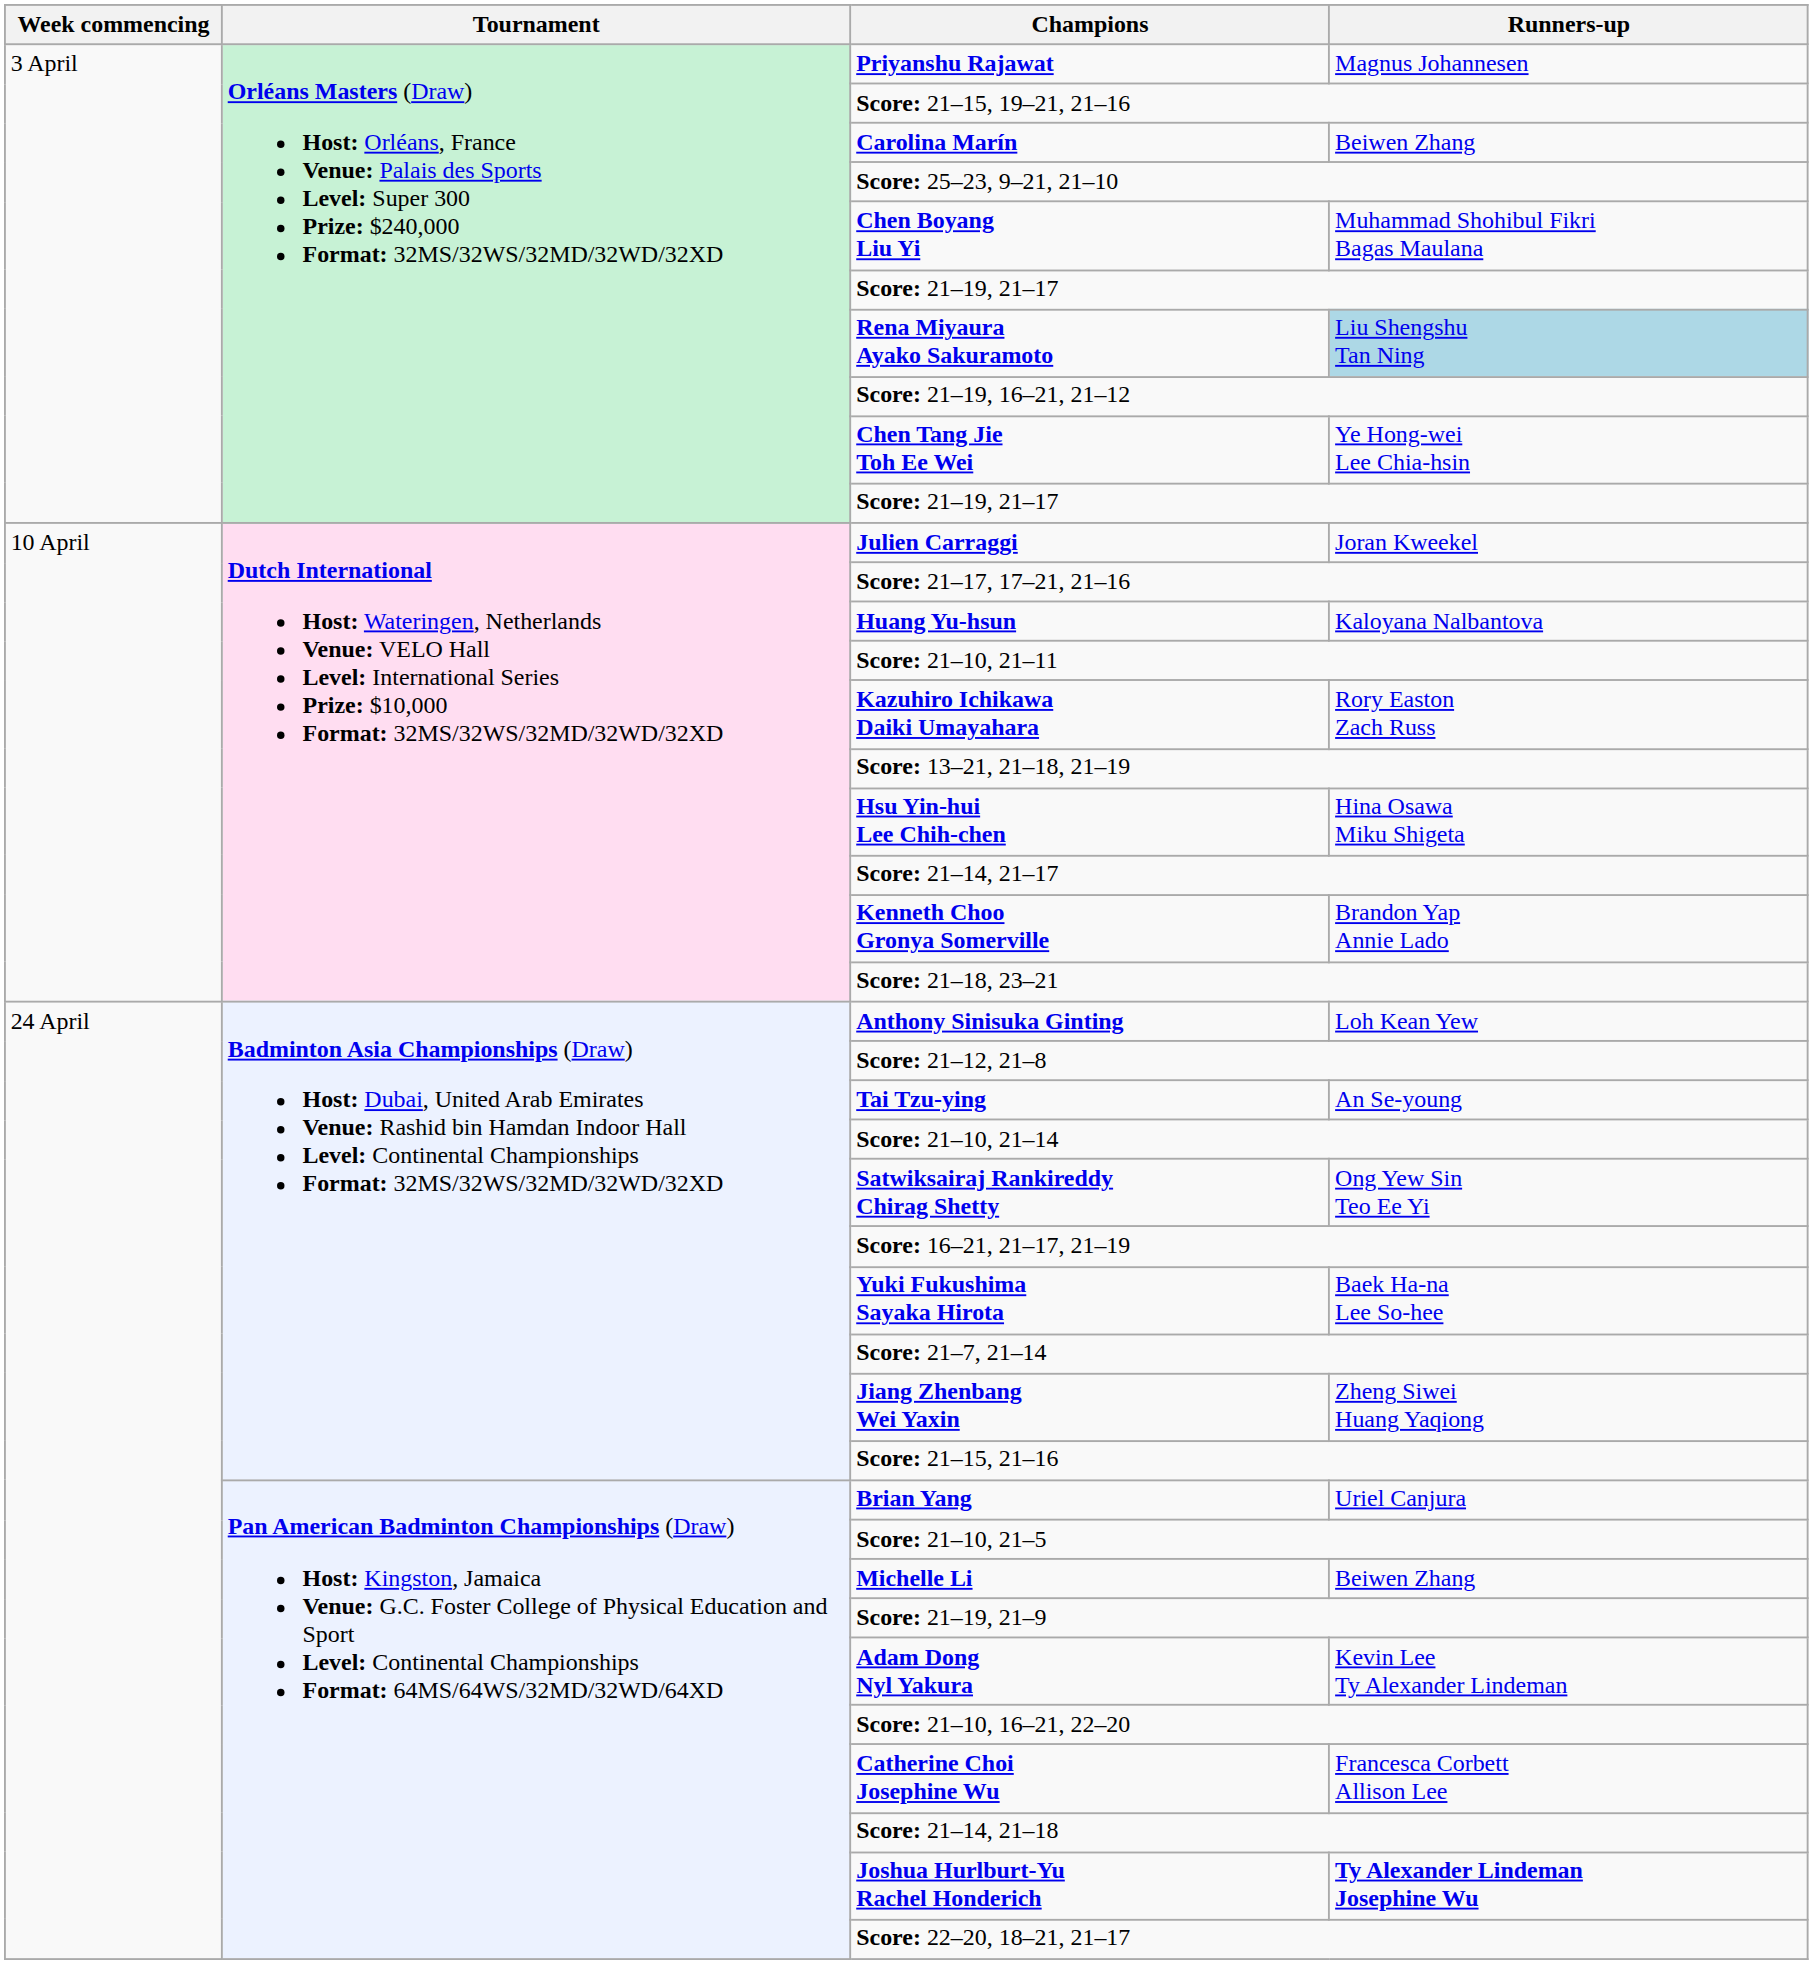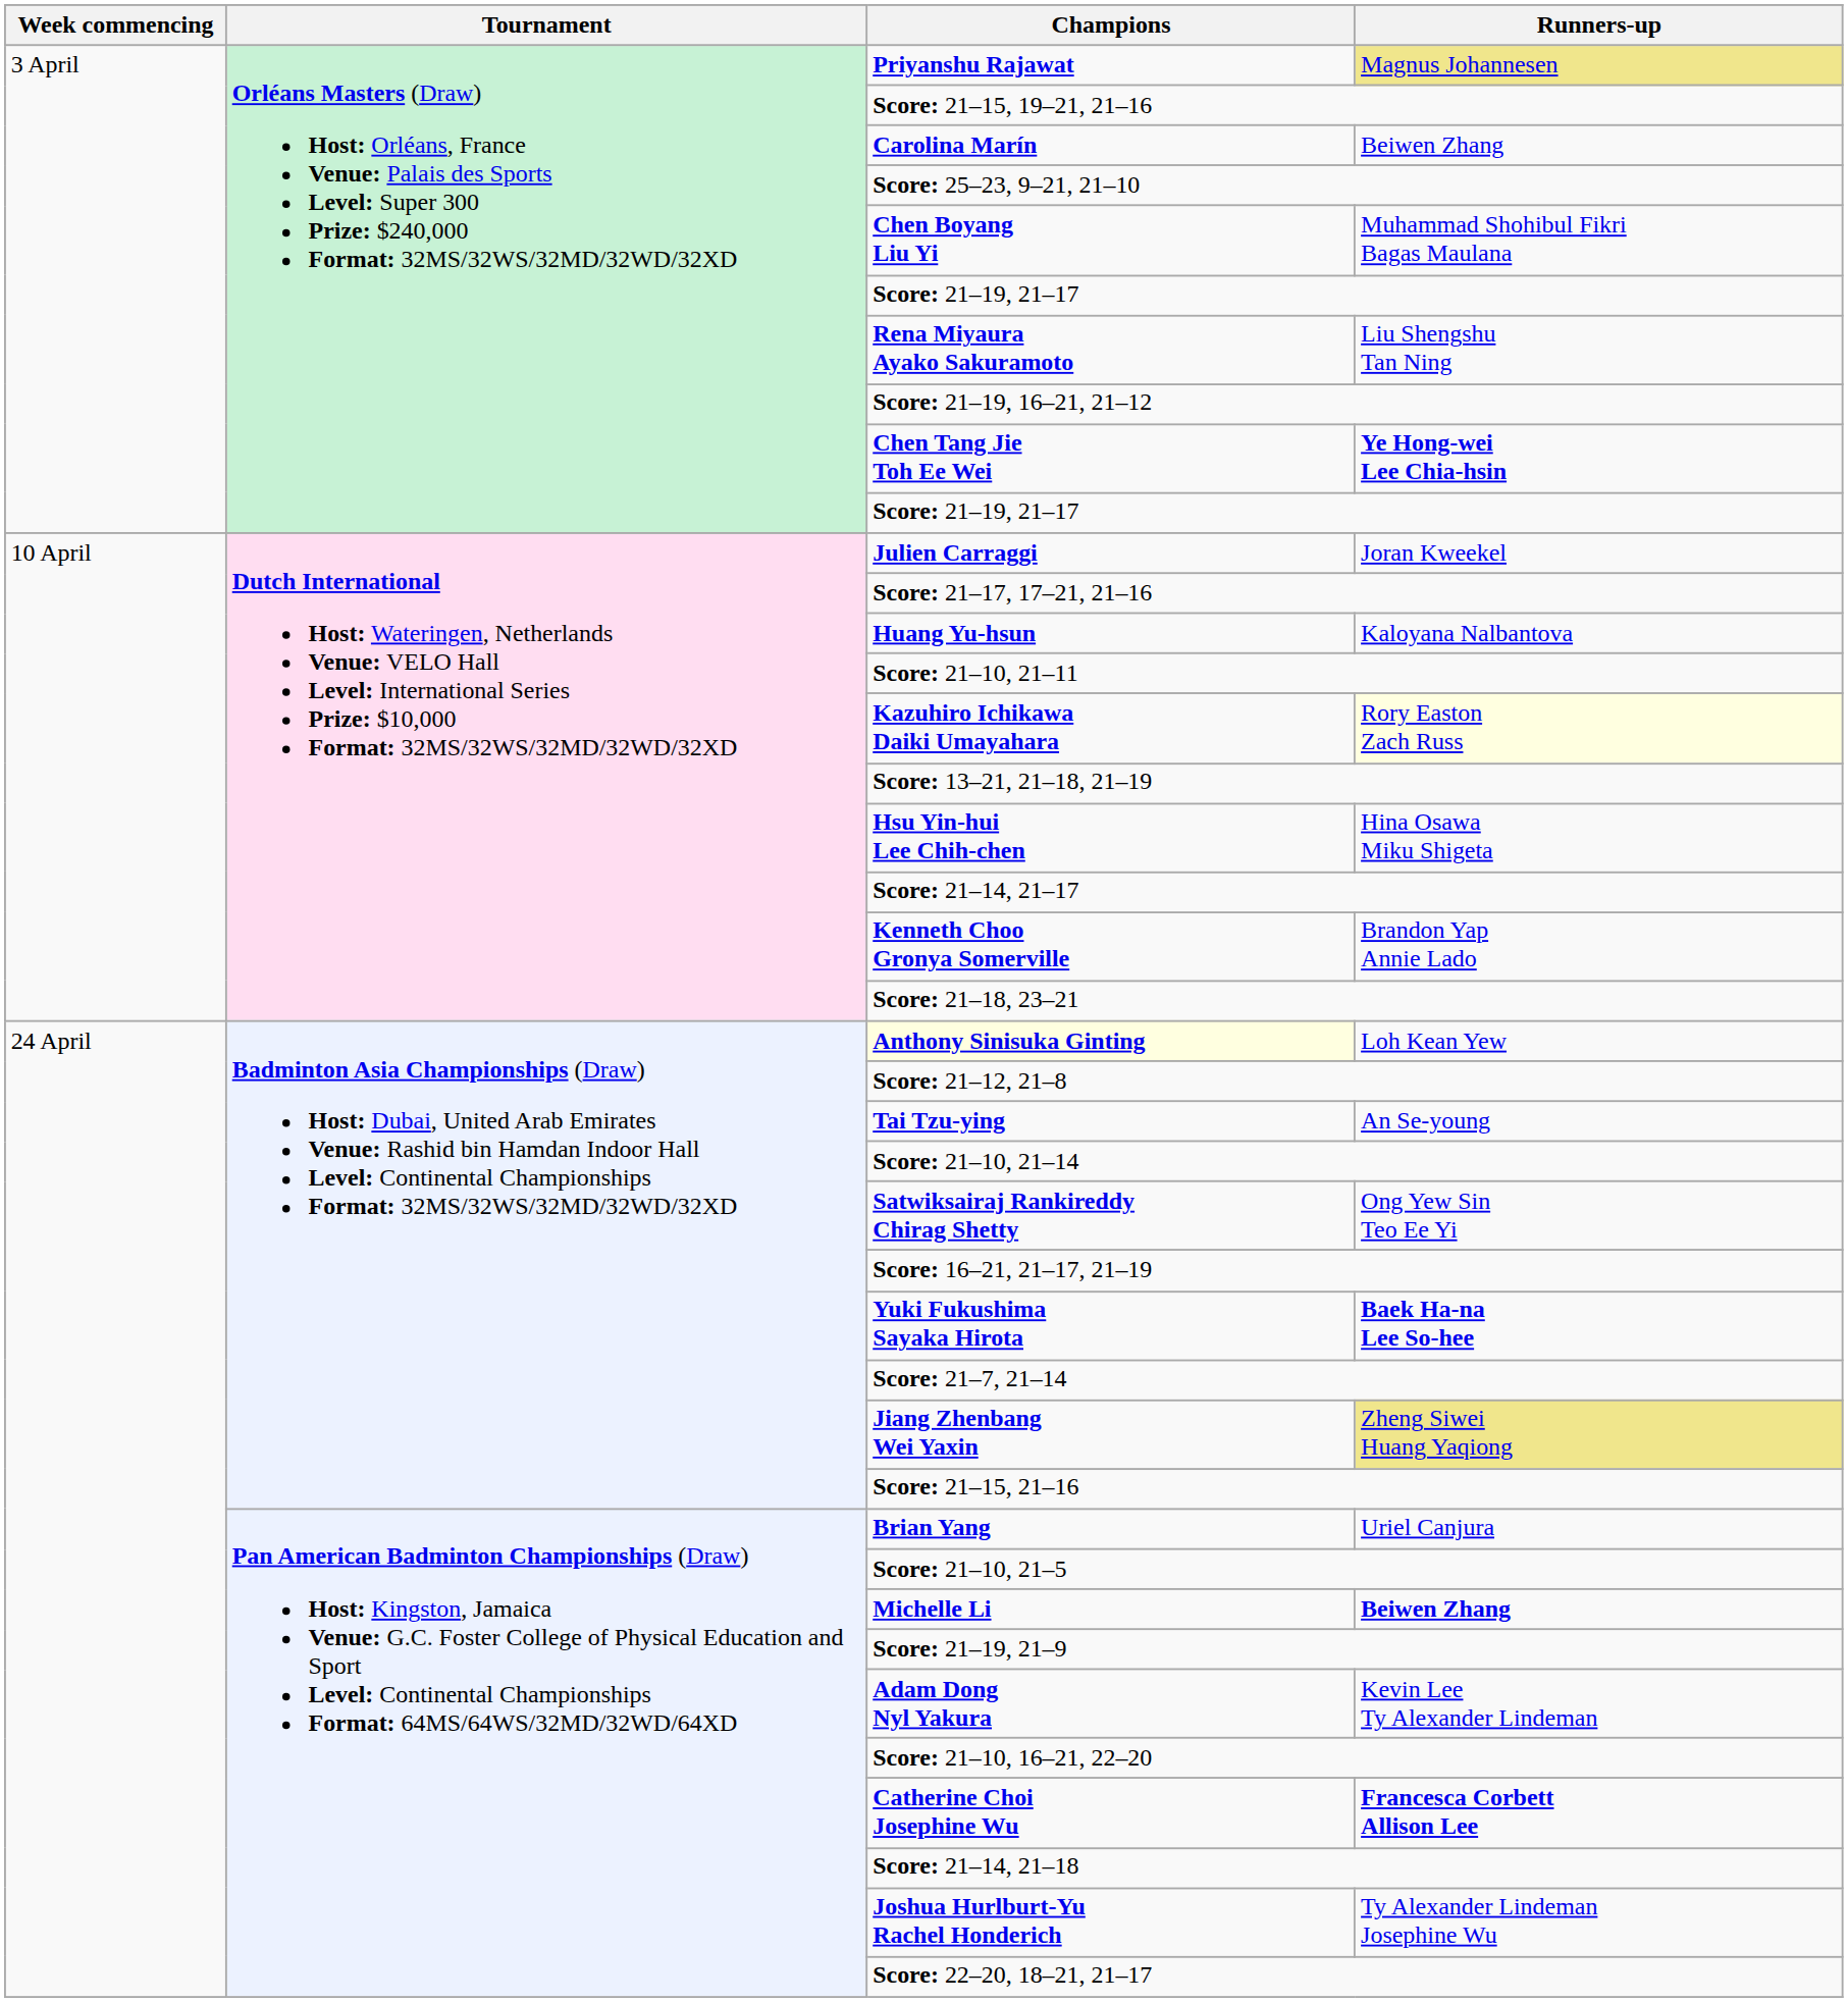 <table class="wikitable" style="font-size:80%">
 <tr>
 <th width="110">Week commencing</th>
 <th width="330">Tournament</th>
 <th width="250">Champions</th>
 <th width="250">Runners-up</th>
 </tr>
 <tr valign=top>
 <td rowspan="10">3 April</td>
 <td bgcolor="#C7F2D5" rowspan="10"><br><strong><a href='#'>Orléans Masters</a></strong> (<a href='#'>Draw</a>)<ul><li><strong>Host:</strong> <a href='#'>Orléans</a>, France</li><li><strong>Venue:</strong> <a href='#'>Palais des Sports</a></li><li><strong>Level:</strong> Super 300</li><li><strong>Prize:</strong> $240,000</li><li><strong>Format:</strong> 32MS/32WS/32MD/32WD/32XD</li></ul></td>
 <td><strong> <a href='#'>Priyanshu Rajawat</a></strong></td>
-<td> <a href='#'>Magnus Johannesen</a></td>
+<td style="background: khaki;"> <a href='#'>Magnus Johannesen</a></td>
 </tr>
 <tr>
 <td colspan="2"><strong>Score:</strong> 21–15, 19–21, 21–16</td>
 </tr>
 <tr valign="top">
 <td><strong> <a href='#'>Carolina Marín</a></strong></td>
 <td> <a href='#'>Beiwen Zhang</a></td>
 </tr>
 <tr>
 <td colspan="2"><strong>Score:</strong> 25–23, 9–21, 21–10</td>
 </tr>
 <tr valign="top">
 <td><strong> <a href='#'>Chen Boyang</a><br> <a href='#'>Liu Yi</a></strong></td>
 <td> <a href='#'>Muhammad Shohibul Fikri</a><br> <a href='#'>Bagas Maulana</a></td>
 </tr>
 <tr>
 <td colspan="2"><strong>Score:</strong> 21–19, 21–17</td>
 </tr>
 <tr valign="top">
 <td><strong> <a href='#'>Rena Miyaura</a><br> <a href='#'>Ayako Sakuramoto</a></strong></td>
-<td style="background: lightblue;"> <a href='#'>Liu Shengshu</a><br> <a href='#'>Tan Ning</a></td>
+<td> <a href='#'>Liu Shengshu</a><br> <a href='#'>Tan Ning</a></td>
 </tr>
 <tr>
 <td colspan="2"><strong>Score:</strong> 21–19, 16–21, 21–12</td>
 </tr>
 <tr valign="top">
 <td><strong> <a href='#'>Chen Tang Jie</a><br> <a href='#'>Toh Ee Wei</a></strong></td>
-<td> <a href='#'>Ye Hong-wei</a><br> <a href='#'>Lee Chia-hsin</a></td>
+<td><strong> <a href='#'>Ye Hong-wei</a><br> <a href='#'>Lee Chia-hsin</a></strong></td>
 </tr>
 <tr>
 <td colspan="2"><strong>Score:</strong> 21–19, 21–17</td>
 </tr>
 <tr valign=top>
 <td rowspan="10">10 April</td>
 <td bgcolor="#FFDDF1" rowspan="10"><br><strong><a href='#'>Dutch International</a></strong><ul><li><strong>Host:</strong> <a href='#'>Wateringen</a>, Netherlands</li><li><strong>Venue:</strong> VELO Hall</li><li><strong>Level:</strong> International Series</li><li><strong>Prize:</strong> $10,000</li><li><strong>Format:</strong> 32MS/32WS/32MD/32WD/32XD</li></ul></td>
 <td><strong> <a href='#'>Julien Carraggi</a></strong></td>
 <td> <a href='#'>Joran Kweekel</a></td>
 </tr>
 <tr>
 <td colspan="2"><strong>Score:</strong> 21–17, 17–21, 21–16</td>
 </tr>
 <tr valign="top">
 <td><strong> <a href='#'>Huang Yu-hsun</a></strong></td>
 <td> <a href='#'>Kaloyana Nalbantova</a></td>
 </tr>
 <tr>
 <td colspan="2"><strong>Score:</strong> 21–10, 21–11</td>
 </tr>
 <tr valign="top">
 <td><strong> <a href='#'>Kazuhiro Ichikawa</a><br> <a href='#'>Daiki Umayahara</a></strong></td>
-<td> <a href='#'>Rory Easton</a><br> <a href='#'>Zach Russ</a></td>
+<td style="background: lightyellow;"> <a href='#'>Rory Easton</a><br> <a href='#'>Zach Russ</a></td>
 </tr>
 <tr>
 <td colspan="2"><strong>Score:</strong> 13–21, 21–18, 21–19</td>
 </tr>
 <tr valign="top">
 <td><strong> <a href='#'>Hsu Yin-hui</a><br> <a href='#'>Lee Chih-chen</a></strong></td>
 <td> <a href='#'>Hina Osawa</a><br> <a href='#'>Miku Shigeta</a></td>
 </tr>
 <tr>
 <td colspan="2"><strong>Score:</strong> 21–14, 21–17</td>
 </tr>
 <tr valign="top">
 <td><strong> <a href='#'>Kenneth Choo</a><br> <a href='#'>Gronya Somerville</a></strong></td>
 <td> <a href='#'>Brandon Yap</a><br> <a href='#'>Annie Lado</a></td>
 </tr>
 <tr>
 <td colspan="2"><strong>Score:</strong> 21–18, 23–21</td>
 </tr>
 <tr valign="top">
 <td rowspan="20">24 April</td>
 <td style="background:#ECF2FF;" rowspan="10"><br><strong><a href='#'>Badminton Asia Championships</a></strong> (<a href='#'>Draw</a>)<ul><li><strong>Host:</strong> <a href='#'>Dubai</a>, United Arab Emirates</li><li><strong>Venue:</strong> Rashid bin Hamdan Indoor Hall</li><li><strong>Level:</strong> Continental Championships</li><li><strong>Format:</strong> 32MS/32WS/32MD/32WD/32XD</li></ul></td>
-<td><strong> <a href='#'>Anthony Sinisuka Ginting</a></strong></td>
+<td style="background: lightyellow;"><strong> <a href='#'>Anthony Sinisuka Ginting</a></strong></td>
 <td> <a href='#'>Loh Kean Yew</a></td>
 </tr>
 <tr>
 <td colspan="2"><strong>Score:</strong> 21–12, 21–8</td>
 </tr>
 <tr valign="top">
 <td><strong> <a href='#'>Tai Tzu-ying</a></strong></td>
 <td> <a href='#'>An Se-young</a></td>
 </tr>
 <tr>
 <td colspan="2"><strong>Score:</strong> 21–10, 21–14</td>
 </tr>
 <tr valign="top">
 <td><strong> <a href='#'>Satwiksairaj Rankireddy</a><br> <a href='#'>Chirag Shetty</a></strong></td>
 <td> <a href='#'>Ong Yew Sin</a><br> <a href='#'>Teo Ee Yi</a></td>
 </tr>
 <tr>
 <td colspan="2"><strong>Score:</strong> 16–21, 21–17, 21–19</td>
 </tr>
 <tr valign="top">
 <td><strong> <a href='#'>Yuki Fukushima</a><br> <a href='#'>Sayaka Hirota</a></strong></td>
-<td> <a href='#'>Baek Ha-na</a><br> <a href='#'>Lee So-hee</a></td>
+<td><strong> <a href='#'>Baek Ha-na</a><br> <a href='#'>Lee So-hee</a></strong></td>
 </tr>
 <tr>
 <td colspan="2"><strong>Score:</strong> 21–7, 21–14</td>
 </tr>
 <tr valign="top">
 <td><strong> <a href='#'>Jiang Zhenbang</a><br> <a href='#'>Wei Yaxin</a></strong></td>
-<td> <a href='#'>Zheng Siwei</a><br> <a href='#'>Huang Yaqiong</a></td>
+<td style="background: khaki;"> <a href='#'>Zheng Siwei</a><br> <a href='#'>Huang Yaqiong</a></td>
 </tr>
 <tr>
 <td colspan="2"><strong>Score:</strong> 21–15, 21–16</td>
 </tr>
 <tr valign=top>
 <td style="background:#ECF2FF;" rowspan="10"><br><strong><a href='#'>Pan American Badminton Championships</a></strong> (<a href='#'>Draw</a>)<ul><li><strong>Host:</strong> <a href='#'>Kingston</a>, Jamaica</li><li><strong>Venue:</strong> G.C. Foster College of Physical Education and Sport</li><li><strong>Level:</strong> Continental Championships</li><li><strong>Format:</strong> 64MS/64WS/32MD/32WD/64XD</li></ul></td>
 <td><strong> <a href='#'>Brian Yang</a></strong></td>
 <td> <a href='#'>Uriel Canjura</a></td>
 </tr>
 <tr>
 <td colspan="2"><strong>Score:</strong> 21–10, 21–5</td>
 </tr>
 <tr valign="top">
 <td><strong> <a href='#'>Michelle Li</a></strong></td>
-<td> <a href='#'>Beiwen Zhang</a></td>
+<td><strong> <a href='#'>Beiwen Zhang</a></strong></td>
 </tr>
 <tr>
 <td colspan="2"><strong>Score:</strong> 21–19, 21–9</td>
 </tr>
 <tr valign="top">
 <td><strong> <a href='#'>Adam Dong</a><br> <a href='#'>Nyl Yakura</a></strong></td>
 <td> <a href='#'>Kevin Lee</a><br> <a href='#'>Ty Alexander Lindeman</a></td>
 </tr>
 <tr>
 <td colspan="2"><strong>Score:</strong> 21–10, 16–21, 22–20</td>
 </tr>
 <tr valign="top">
 <td><strong> <a href='#'>Catherine Choi</a><br> <a href='#'>Josephine Wu</a></strong></td>
-<td> <a href='#'>Francesca Corbett</a><br> <a href='#'>Allison Lee</a></td>
+<td><strong> <a href='#'>Francesca Corbett</a><br> <a href='#'>Allison Lee</a></strong></td>
 </tr>
 <tr>
 <td colspan="2"><strong>Score:</strong> 21–14, 21–18</td>
 </tr>
 <tr valign="top">
 <td><strong> <a href='#'>Joshua Hurlburt-Yu</a><br> <a href='#'>Rachel Honderich</a></strong></td>
-<td><strong> <a href='#'>Ty Alexander Lindeman</a><br> <a href='#'>Josephine Wu</a></strong></td>
+<td> <a href='#'>Ty Alexander Lindeman</a><br> <a href='#'>Josephine Wu</a></td>
 </tr>
 <tr>
 <td colspan="2"><strong>Score:</strong> 22–20, 18–21, 21–17</td>
 </tr>
 </table>
